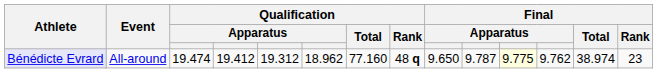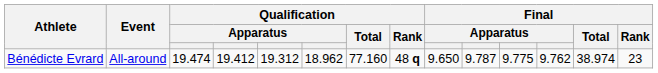 <table class="wikitable" style="font-size:90%">
 <tr>
 <th rowspan=3>Athlete</th>
 <th rowspan=3>Event</th>
 <th colspan=6>Qualification</th>
 <th colspan=6>Final</th>
 </tr>
 <tr style="font-size:95%">
 <th colspan=4>Apparatus</th>
 <th rowspan=2>Total</th>
 <th rowspan=2>Rank</th>
 <th colspan=4>Apparatus</th>
 <th rowspan=2>Total</th>
 <th rowspan=2>Rank</th>
 </tr>
 <tr style="font-size:95%">
 <th></th>
 <th></th>
 <th></th>
 <th></th>
 <th></th>
 <th></th>
 <th></th>
 <th></th>
 </tr>
 <tr align=center>
-<td align=left style="background: lavender;"><a href='#'>Bénédicte Evrard</a></td>
+<td align=left><a href='#'>Bénédicte Evrard</a></td>
 <td align=left><a href='#'>All-around</a></td>
 <td>19.474</td>
 <td>19.412</td>
 <td>19.312</td>
 <td>18.962</td>
 <td>77.160</td>
 <td>48 <strong>q</strong></td>
 <td>9.650</td>
 <td>9.787</td>
-<td style="background: lightyellow;">9.775</td>
+<td>9.775</td>
 <td>9.762</td>
 <td>38.974</td>
 <td>23</td>
 </tr>
 </table>
